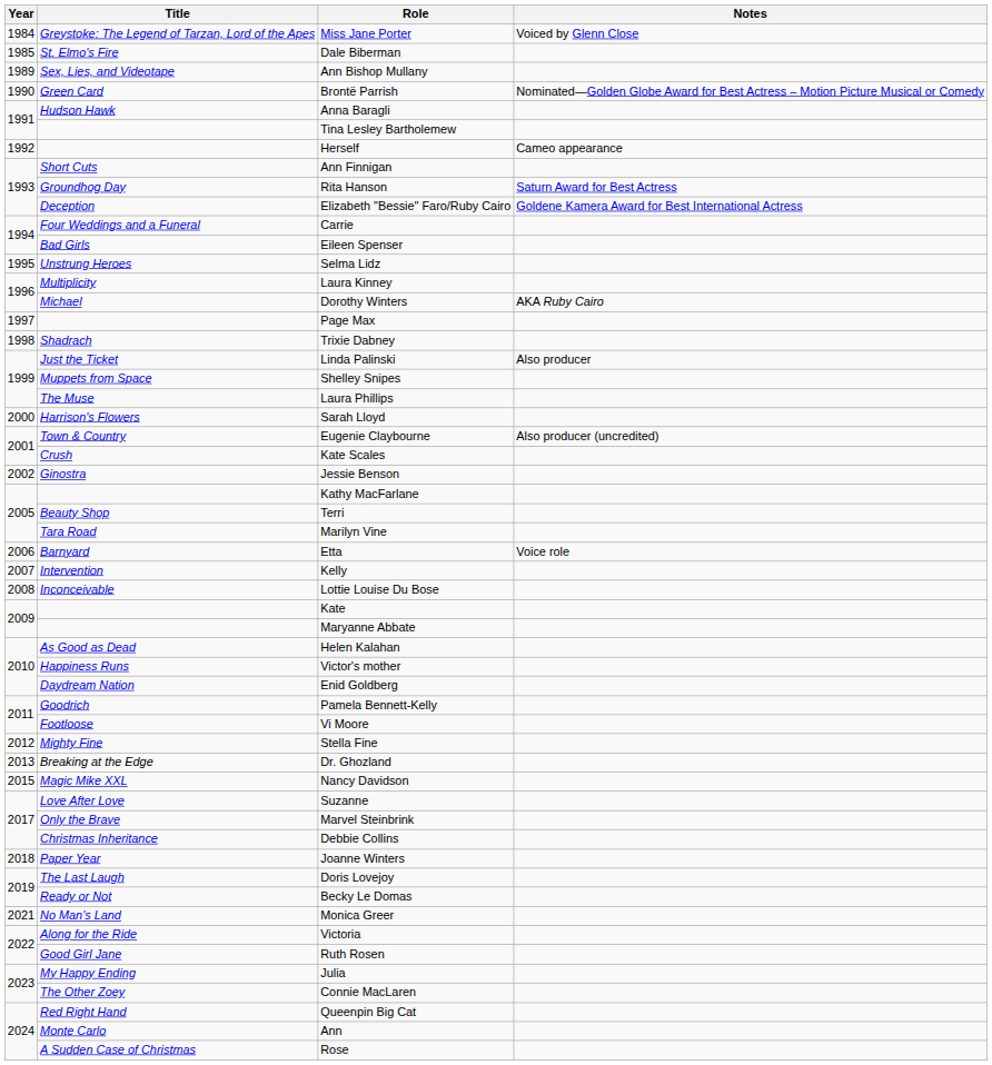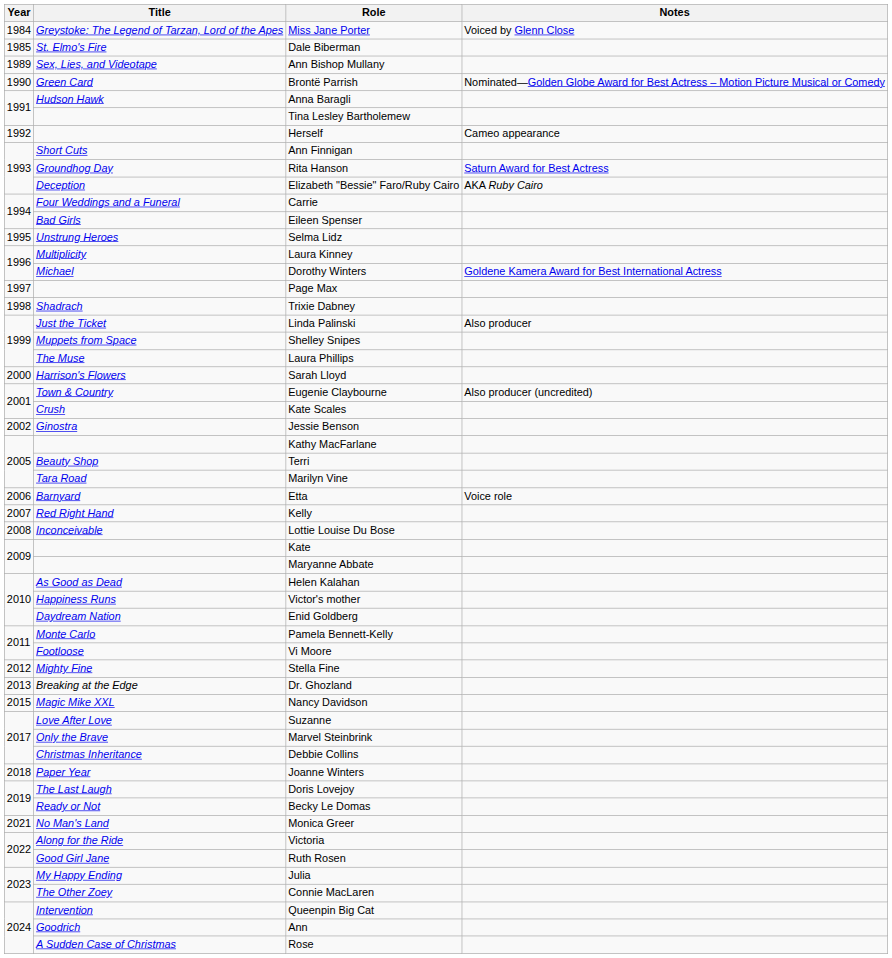 <table class="wikitable sortable">
 <tr>
 <th>Year</th>
 <th>Title</th>
 <th>Role</th>
 <th class="unsortable">Notes</th>
 </tr>
 <tr>
 <td>1984</td>
 <td><em><a href='#'>Greystoke: The Legend of Tarzan, Lord of the Apes</a></em></td>
 <td><a href='#'>Miss Jane Porter</a></td>
 <td>Voiced by <a href='#'>Glenn Close</a></td>
 </tr>
 <tr>
 <td>1985</td>
 <td><em><a href='#'>St. Elmo's Fire</a></em></td>
 <td>Dale Biberman</td>
 <td></td>
 </tr>
 <tr>
 <td>1989</td>
 <td><em><a href='#'>Sex, Lies, and Videotape</a></em></td>
 <td>Ann Bishop Mullany</td>
 <td></td>
 </tr>
 <tr>
 <td>1990</td>
 <td><em><a href='#'>Green Card</a></em></td>
 <td>Brontë Parrish</td>
 <td>Nominated—<a href='#'>Golden Globe Award for Best Actress – Motion Picture Musical or Comedy</a></td>
 </tr>
 <tr>
 <td rowspan="2">1991</td>
 <td><em><a href='#'>Hudson Hawk</a></em></td>
 <td>Anna Baragli</td>
 <td></td>
 </tr>
 <tr>
 <td><em></em></td>
 <td>Tina Lesley Bartholemew</td>
 <td></td>
 </tr>
 <tr>
 <td>1992</td>
 <td><em></em></td>
 <td>Herself</td>
 <td>Cameo appearance</td>
 </tr>
 <tr>
 <td rowspan="3">1993</td>
 <td><em><a href='#'>Short Cuts</a></em></td>
 <td>Ann Finnigan</td>
 <td></td>
 </tr>
 <tr>
 <td><em><a href='#'>Groundhog Day</a></em></td>
 <td>Rita Hanson</td>
 <td><a href='#'>Saturn Award for Best Actress</a></td>
 </tr>
 <tr>
 <td><em><a href='#'>Deception</a></em></td>
 <td>Elizabeth "Bessie" Faro/Ruby Cairo</td>
-<td><a href='#'>Goldene Kamera Award for Best International Actress</a></td>
+<td>AKA <em>Ruby Cairo</em></td>
 </tr>
 <tr>
 <td rowspan="2">1994</td>
 <td><em><a href='#'>Four Weddings and a Funeral</a></em></td>
 <td>Carrie</td>
 <td></td>
 </tr>
 <tr>
 <td><em><a href='#'>Bad Girls</a></em></td>
 <td>Eileen Spenser</td>
 <td></td>
 </tr>
 <tr>
 <td>1995</td>
 <td><em><a href='#'>Unstrung Heroes</a></em></td>
 <td>Selma Lidz</td>
 <td></td>
 </tr>
 <tr>
 <td rowspan="2">1996</td>
 <td><em><a href='#'>Multiplicity</a></em></td>
 <td>Laura Kinney</td>
 <td></td>
 </tr>
 <tr>
 <td><em><a href='#'>Michael</a></em></td>
 <td>Dorothy Winters</td>
-<td>AKA <em>Ruby Cairo</em></td>
+<td><a href='#'>Goldene Kamera Award for Best International Actress</a></td>
 </tr>
 <tr>
 <td>1997</td>
 <td><em></em></td>
 <td>Page Max</td>
 <td></td>
 </tr>
 <tr>
 <td>1998</td>
 <td><em><a href='#'>Shadrach</a></em></td>
 <td>Trixie Dabney</td>
 <td></td>
 </tr>
 <tr>
 <td rowspan="3">1999</td>
 <td><em><a href='#'>Just the Ticket</a></em></td>
 <td>Linda Palinski</td>
 <td>Also producer</td>
 </tr>
 <tr>
 <td><em><a href='#'>Muppets from Space</a></em></td>
 <td>Shelley Snipes</td>
 <td></td>
 </tr>
 <tr>
 <td><em><a href='#'>The Muse</a></em></td>
 <td>Laura Phillips</td>
 <td></td>
 </tr>
 <tr>
 <td>2000</td>
 <td><em><a href='#'>Harrison's Flowers</a></em></td>
 <td>Sarah Lloyd</td>
 <td></td>
 </tr>
 <tr>
 <td rowspan="2">2001</td>
 <td><em><a href='#'>Town & Country</a></em></td>
 <td>Eugenie Claybourne</td>
 <td>Also producer (uncredited)</td>
 </tr>
 <tr>
 <td><em><a href='#'>Crush</a></em></td>
 <td>Kate Scales</td>
 <td></td>
 </tr>
 <tr>
 <td>2002</td>
 <td><em><a href='#'>Ginostra</a></em></td>
 <td>Jessie Benson</td>
 <td></td>
 </tr>
 <tr>
 <td rowspan="3">2005</td>
 <td><em></em></td>
 <td>Kathy MacFarlane</td>
 <td></td>
 </tr>
 <tr>
 <td><em><a href='#'>Beauty Shop</a></em></td>
 <td>Terri</td>
 <td></td>
 </tr>
 <tr>
 <td><em><a href='#'>Tara Road</a></em></td>
 <td>Marilyn Vine</td>
 <td></td>
 </tr>
 <tr>
 <td>2006</td>
 <td><em><a href='#'>Barnyard</a></em></td>
 <td>Etta</td>
 <td>Voice role</td>
 </tr>
 <tr>
 <td>2007</td>
-<td><em><a href='#'>Intervention</a></em></td>
+<td><em><a href='#'>Red Right Hand</a></em></td>
 <td>Kelly</td>
 <td></td>
 </tr>
 <tr>
 <td>2008</td>
 <td><em><a href='#'>Inconceivable</a></em></td>
 <td>Lottie Louise Du Bose</td>
 <td></td>
 </tr>
 <tr>
 <td rowspan="2">2009</td>
 <td><em></em></td>
 <td>Kate</td>
 <td></td>
 </tr>
 <tr>
 <td><em></em></td>
 <td>Maryanne Abbate</td>
 <td></td>
 </tr>
 <tr>
 <td rowspan="3">2010</td>
 <td><em><a href='#'>As Good as Dead</a></em></td>
 <td>Helen Kalahan</td>
 <td></td>
 </tr>
 <tr>
 <td><em><a href='#'>Happiness Runs</a></em></td>
 <td>Victor's mother</td>
 <td></td>
 </tr>
 <tr>
 <td><em><a href='#'>Daydream Nation</a></em></td>
 <td>Enid Goldberg</td>
 <td></td>
 </tr>
 <tr>
 <td rowspan="2">2011</td>
-<td><em><a href='#'>Goodrich</a></em></td>
+<td><em><a href='#'>Monte Carlo</a></em></td>
 <td>Pamela Bennett-Kelly</td>
 <td></td>
 </tr>
 <tr>
 <td><em><a href='#'>Footloose</a></em></td>
 <td>Vi Moore</td>
 <td></td>
 </tr>
 <tr>
 <td>2012</td>
 <td><em><a href='#'>Mighty Fine</a></em></td>
 <td>Stella Fine</td>
 <td></td>
 </tr>
 <tr>
 <td>2013</td>
 <td><em>Breaking at the Edge</em></td>
 <td>Dr. Ghozland</td>
 <td></td>
 </tr>
 <tr>
 <td>2015</td>
 <td><em><a href='#'>Magic Mike XXL</a></em></td>
 <td>Nancy Davidson</td>
 <td></td>
 </tr>
 <tr>
 <td rowspan="3">2017</td>
 <td><em><a href='#'>Love After Love</a></em></td>
 <td>Suzanne</td>
 <td></td>
 </tr>
 <tr>
 <td><em><a href='#'>Only the Brave</a></em></td>
 <td>Marvel Steinbrink</td>
 <td></td>
 </tr>
 <tr>
 <td><em><a href='#'>Christmas Inheritance</a></em></td>
 <td>Debbie Collins</td>
 <td></td>
 </tr>
 <tr>
 <td>2018</td>
 <td><em><a href='#'>Paper Year</a></em></td>
 <td>Joanne Winters</td>
 <td></td>
 </tr>
 <tr>
 <td rowspan="2">2019</td>
 <td><em><a href='#'>The Last Laugh</a></em></td>
 <td>Doris Lovejoy</td>
 <td></td>
 </tr>
 <tr>
 <td><em><a href='#'>Ready or Not</a></em></td>
 <td>Becky Le Domas</td>
 <td></td>
 </tr>
 <tr>
 <td>2021</td>
 <td><em><a href='#'>No Man's Land</a></em></td>
 <td>Monica Greer</td>
 <td></td>
 </tr>
 <tr>
 <td rowspan="2">2022</td>
 <td><em><a href='#'>Along for the Ride</a></em></td>
 <td>Victoria</td>
 <td></td>
 </tr>
 <tr>
 <td><em><a href='#'>Good Girl Jane</a></em></td>
 <td>Ruth Rosen</td>
 <td></td>
 </tr>
 <tr>
 <td rowspan=2>2023</td>
 <td><em><a href='#'>My Happy Ending</a></em></td>
 <td>Julia</td>
 <td></td>
 </tr>
 <tr>
 <td><em><a href='#'>The Other Zoey</a></em></td>
 <td>Connie MacLaren</td>
 <td></td>
 </tr>
 <tr>
 <td rowspan="3">2024</td>
-<td><em><a href='#'>Red Right Hand</a></em></td>
+<td><em><a href='#'>Intervention</a></em></td>
 <td>Queenpin Big Cat</td>
 <td></td>
 </tr>
 <tr>
-<td><em><a href='#'>Monte Carlo</a></em></td>
+<td><em><a href='#'>Goodrich</a></em></td>
 <td>Ann</td>
 <td></td>
 </tr>
 <tr>
 <td><em><a href='#'>A Sudden Case of Christmas</a></em></td>
 <td>Rose</td>
 <td></td>
 </tr>
 </table>
